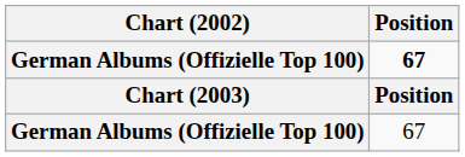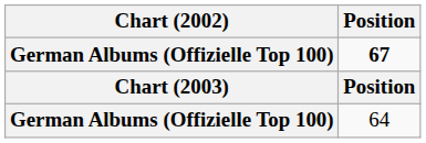 <table class="wikitable plainrowheaders" style="text-align:center">
 <tr>
 <th scope="col">Chart (2002)</th>
 <th scope="col">Position</th>
 </tr>
 <tr>
 <th scope="row">German Albums (Offizielle Top 100)</th>
 <td><strong>67</strong></td>
 </tr>
 <tr>
 <th scope="col">Chart (2003)</th>
 <th scope="col">Position</th>
 </tr>
 <tr>
 <th scope="row">German Albums (Offizielle Top 100)</th>
-<td>67</td>
+<td>64</td>
 </tr>
 </table>
